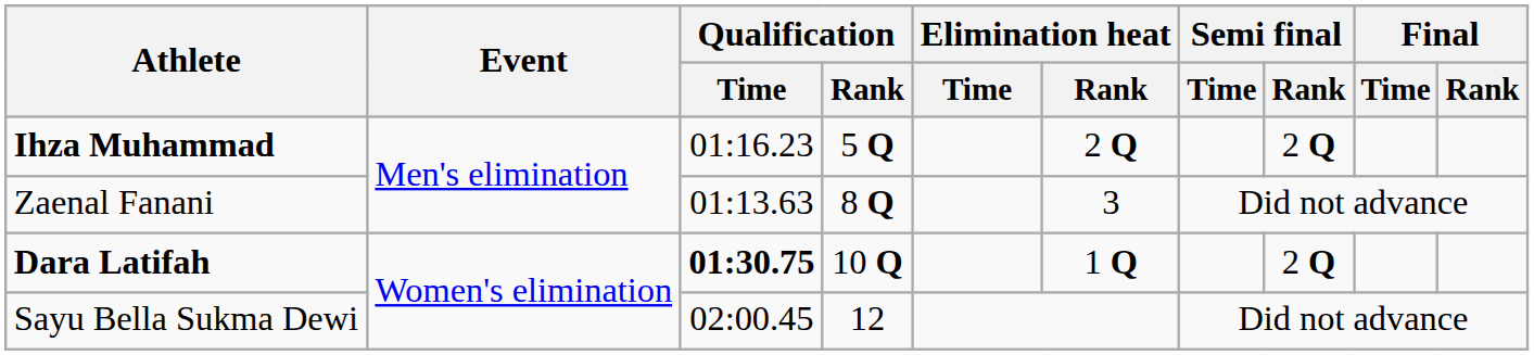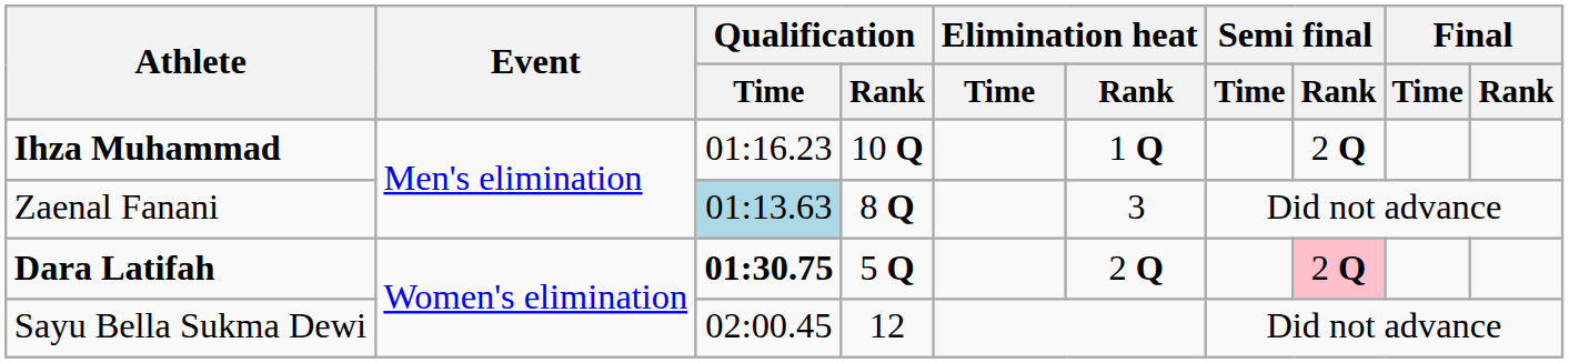 <table class="wikitable" style="font-size:85%">
 <tr>
 <th rowspan="2">Athlete</th>
 <th rowspan="2">Event</th>
 <th colspan="2">Qualification</th>
 <th colspan="2">Elimination heat</th>
 <th colspan="2">Semi final</th>
 <th colspan="2">Final</th>
 </tr>
 <tr style="font-size:90%">
 <th>Time</th>
 <th>Rank</th>
 <th>Time</th>
 <th>Rank</th>
 <th>Time</th>
 <th>Rank</th>
 <th>Time</th>
 <th>Rank</th>
 </tr>
 <tr align="center">
 <td align="left"><strong>Ihza Muhammad</strong></td>
 <td align="left" rowspan="2"><a href='#'>Men's elimination</a></td>
 <td>01:16.23</td>
-<td>5 <strong>Q</strong></td>
+<td>10 <strong>Q</strong></td>
 <td></td>
-<td>2 <strong>Q</strong></td>
+<td>1 <strong>Q</strong></td>
 <td></td>
 <td>2 <strong>Q</strong></td>
 <td></td>
 <td></td>
 </tr>
 <tr align="center">
 <td align="left">Zaenal Fanani</td>
-<td>01:13.63</td>
+<td style="background: lightblue;">01:13.63</td>
 <td>8 <strong>Q</strong></td>
 <td></td>
 <td>3</td>
 <td colspan="4">Did not advance</td>
 </tr>
 <tr align="center">
 <td align="left"><strong>Dara Latifah</strong></td>
 <td align="left" rowspan="2"><a href='#'>Women's elimination</a></td>
 <td><strong>01:30.75</strong></td>
-<td>10 <strong>Q</strong></td>
-<td></td>
-<td>1 <strong>Q</strong></td>
+<td>5 <strong>Q</strong></td>
 <td></td>
 <td>2 <strong>Q</strong></td>
+<td></td>
+<td style="background: pink;">2 <strong>Q</strong></td>
 <td></td>
 <td></td>
 </tr>
 <tr align="center">
 <td align="left">Sayu Bella Sukma Dewi</td>
 <td>02:00.45</td>
 <td>12</td>
 <td colspan="2"></td>
 <td colspan="4">Did not advance</td>
 </tr>
 </table>
